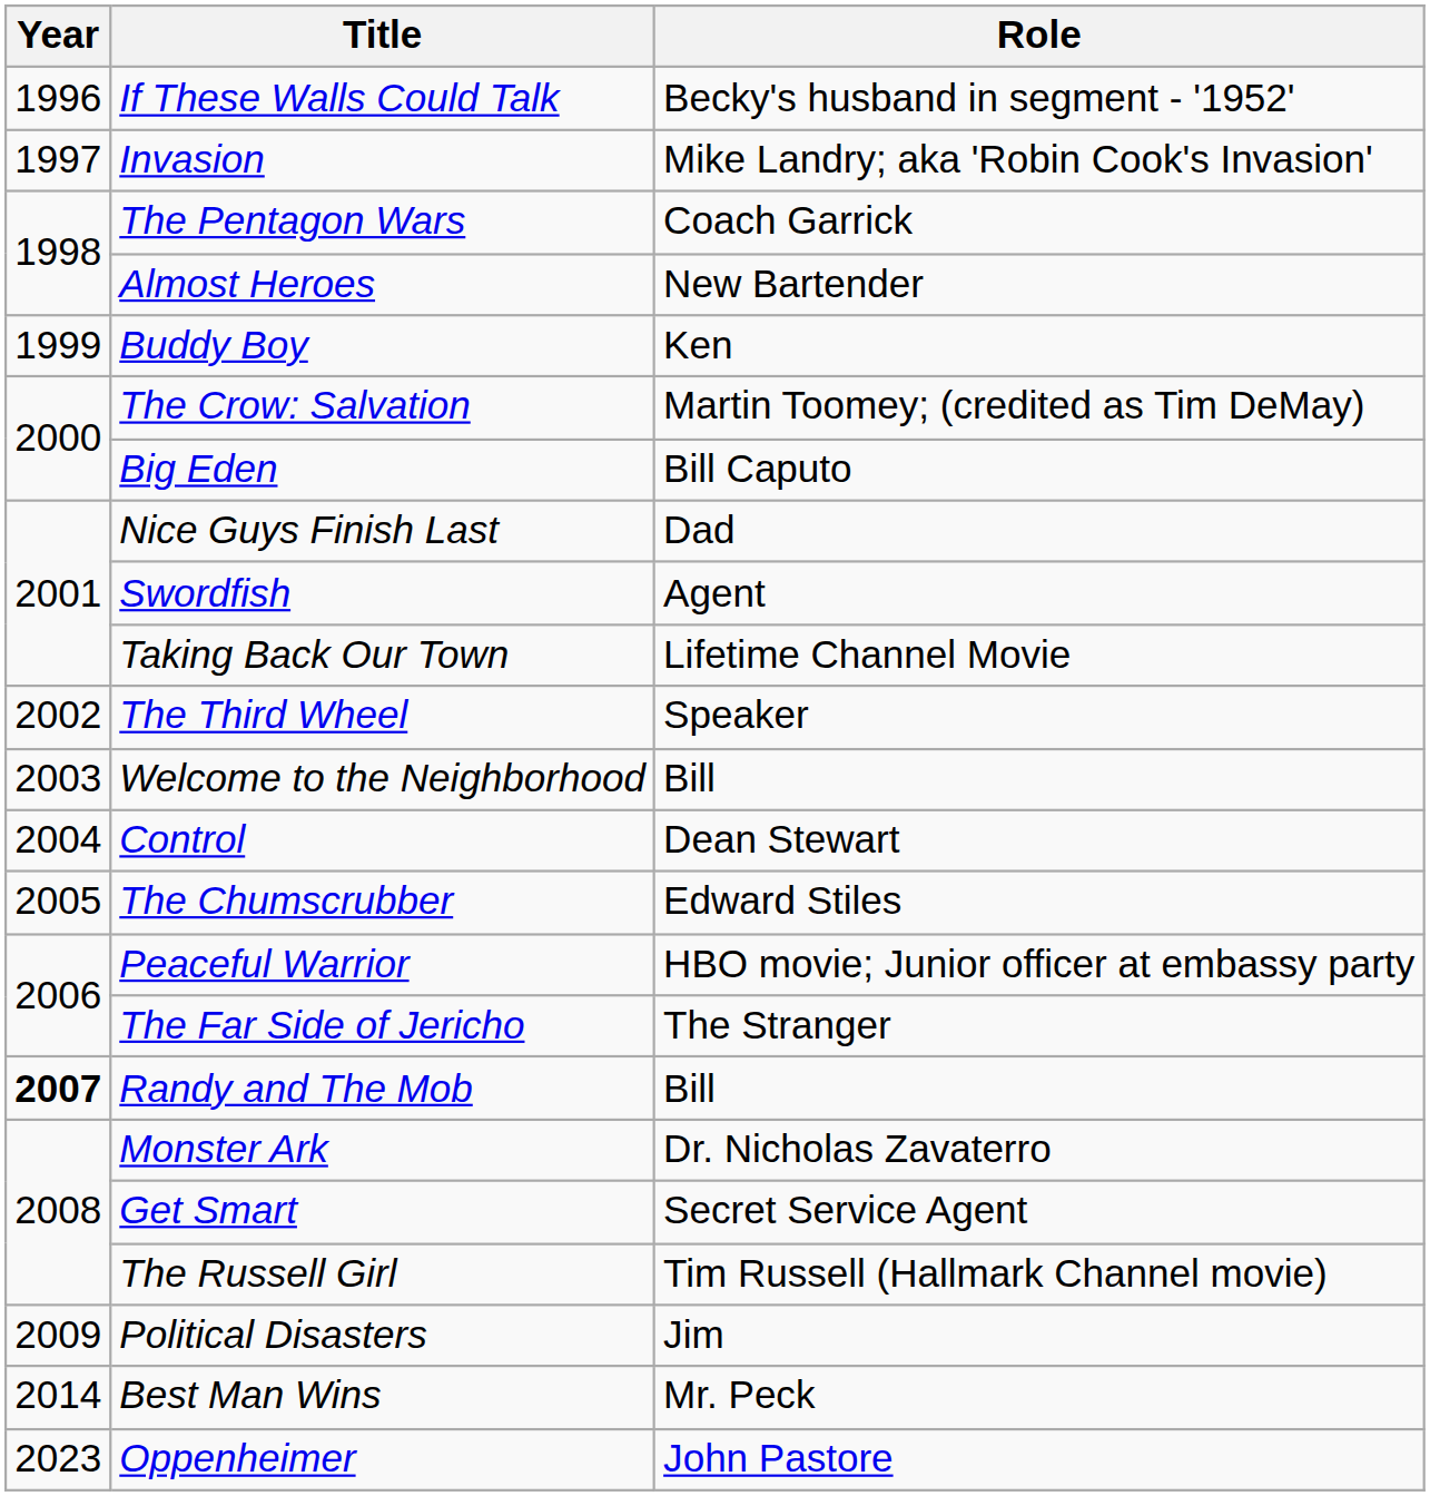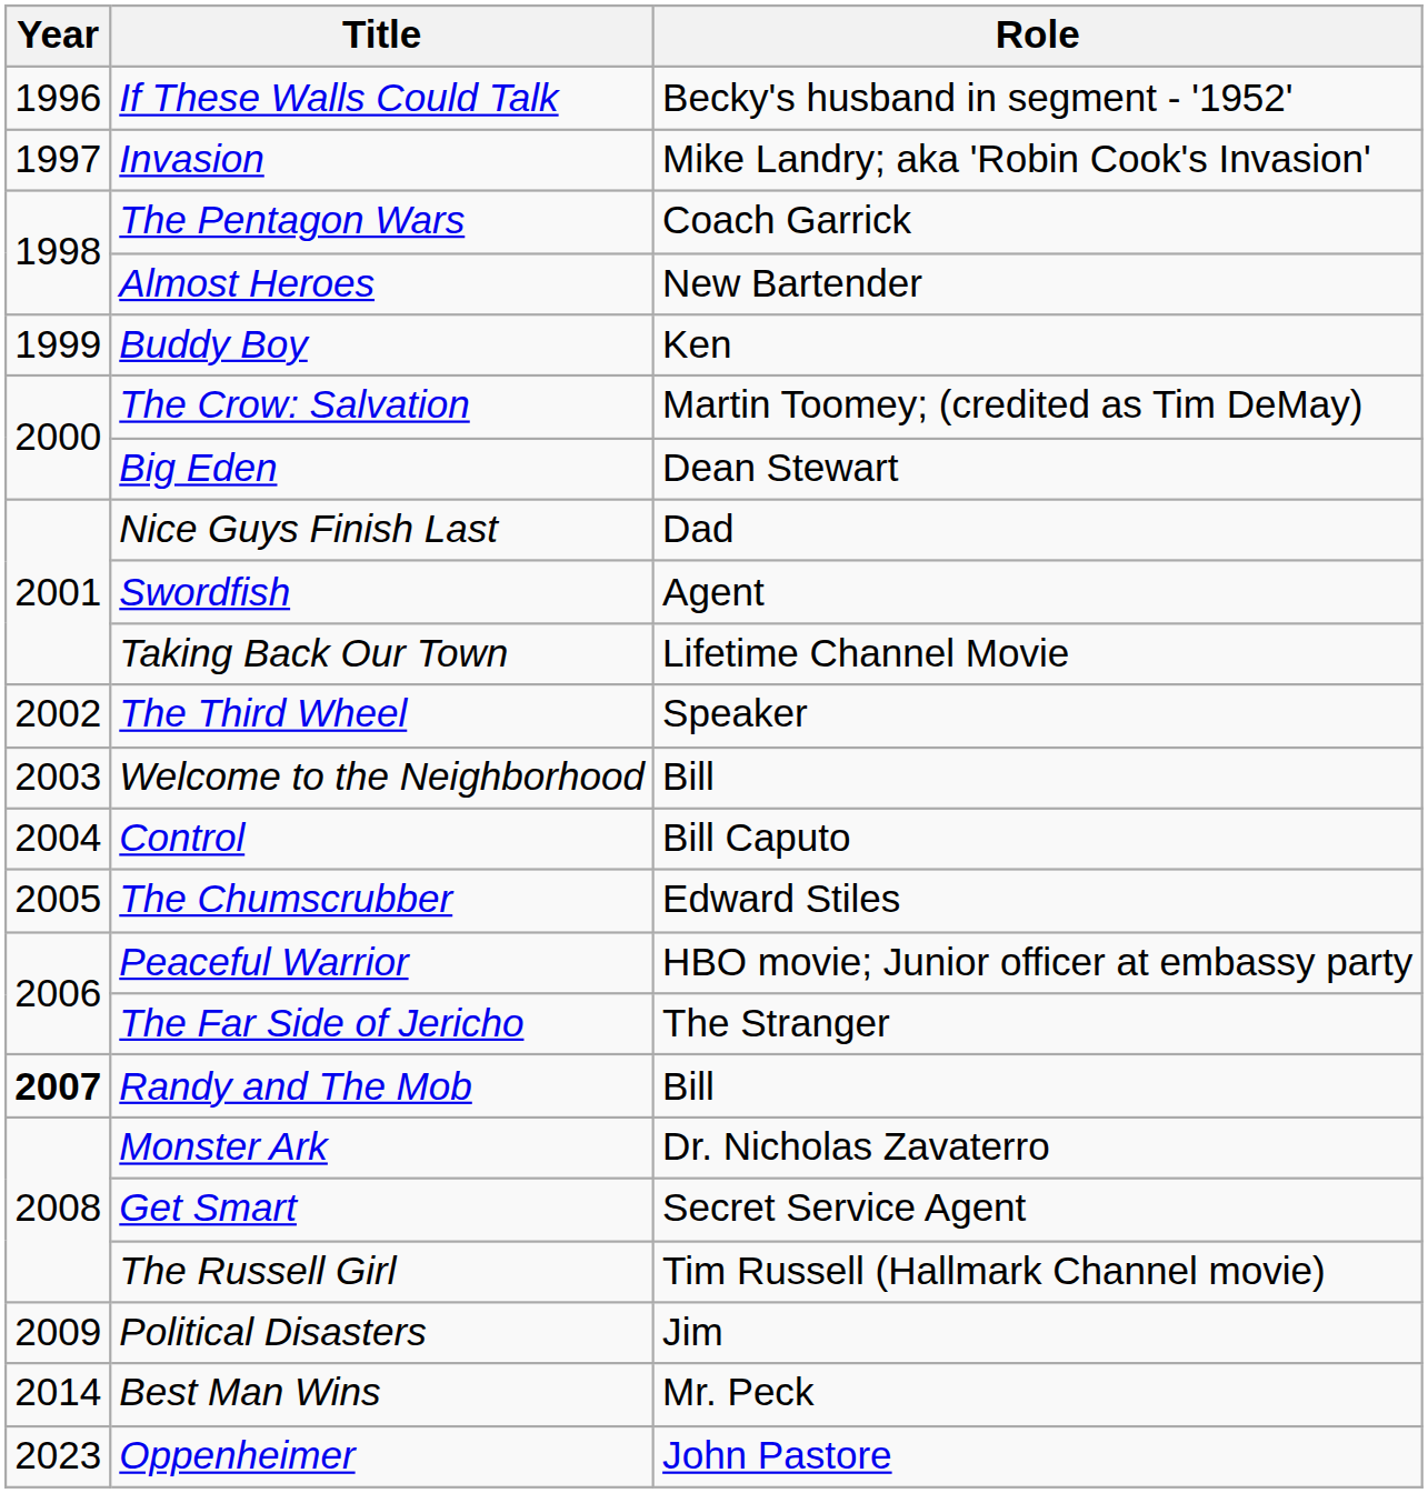 <table class="wikitable sortable">
 <tr>
 <th>Year</th>
 <th>Title</th>
 <th>Role</th>
 </tr>
 <tr>
 <td>1996</td>
 <td><em><a href='#'>If These Walls Could Talk</a></em></td>
 <td>Becky's husband in segment - '1952'</td>
 </tr>
 <tr>
 <td>1997</td>
 <td><em><a href='#'>Invasion</a></em></td>
 <td>Mike Landry; aka 'Robin Cook's Invasion'</td>
 </tr>
 <tr>
 <td rowspan="2">1998</td>
 <td><em><a href='#'>The Pentagon Wars</a></em></td>
 <td>Coach Garrick</td>
 </tr>
 <tr>
 <td><em><a href='#'>Almost Heroes</a></em></td>
 <td>New Bartender</td>
 </tr>
 <tr>
 <td>1999</td>
 <td><em><a href='#'>Buddy Boy</a></em></td>
 <td>Ken</td>
 </tr>
 <tr>
 <td rowspan="2">2000</td>
 <td><em><a href='#'>The Crow: Salvation</a></em></td>
 <td>Martin Toomey; (credited as Tim DeMay)</td>
 </tr>
 <tr>
 <td><em><a href='#'>Big Eden</a></em></td>
-<td>Bill Caputo</td>
+<td>Dean Stewart</td>
 </tr>
 <tr>
 <td rowspan="3">2001</td>
 <td><em>Nice Guys Finish Last</em></td>
 <td>Dad</td>
 </tr>
 <tr>
 <td><em><a href='#'>Swordfish</a></em></td>
 <td>Agent</td>
 </tr>
 <tr>
 <td><em>Taking Back Our Town</em></td>
 <td>Lifetime Channel Movie</td>
 </tr>
 <tr>
 <td>2002</td>
 <td><em><a href='#'>The Third Wheel</a></em></td>
 <td>Speaker</td>
 </tr>
 <tr>
 <td>2003</td>
 <td><em>Welcome to the Neighborhood</em></td>
 <td>Bill</td>
 </tr>
 <tr>
 <td>2004</td>
 <td><em><a href='#'>Control</a></em></td>
-<td>Dean Stewart</td>
+<td>Bill Caputo</td>
 </tr>
 <tr>
 <td>2005</td>
 <td><em><a href='#'>The Chumscrubber</a></em></td>
 <td>Edward Stiles</td>
 </tr>
 <tr>
 <td rowspan="2">2006</td>
 <td><em><a href='#'>Peaceful Warrior</a></em></td>
 <td>HBO movie; Junior officer at embassy party</td>
 </tr>
 <tr>
 <td><em><a href='#'>The Far Side of Jericho</a></em></td>
 <td>The Stranger</td>
 </tr>
 <tr>
 <td><strong>2007</strong></td>
 <td><em><a href='#'>Randy and The Mob</a></em></td>
 <td>Bill</td>
 </tr>
 <tr>
 <td rowspan="3">2008</td>
 <td><em><a href='#'>Monster Ark</a></em></td>
 <td>Dr. Nicholas Zavaterro</td>
 </tr>
 <tr>
 <td><em><a href='#'>Get Smart</a></em></td>
 <td>Secret Service Agent</td>
 </tr>
 <tr>
 <td><em>The Russell Girl</em></td>
 <td>Tim Russell (Hallmark Channel movie)</td>
 </tr>
 <tr>
 <td>2009</td>
 <td><em>Political Disasters</em></td>
 <td>Jim</td>
 </tr>
 <tr>
 <td>2014</td>
 <td><em>Best Man Wins</em></td>
 <td>Mr. Peck</td>
 </tr>
 <tr>
 <td>2023</td>
 <td><em><a href='#'>Oppenheimer</a></em></td>
 <td><a href='#'>John Pastore</a></td>
 </tr>
 </table>
